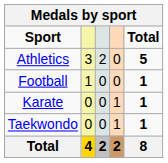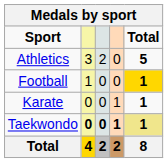 <table class="wikitable" style="font-size:85%; text-align:center;">
 <tr style="background:#efefef;">
 <th colspan=5><strong>Medals by sport</strong></th>
 </tr>
 <tr>
 <td><strong>Sport</strong></td>
 <td style="background:#f7f6a8;"></td>
 <td style="background:#dce5e5;"></td>
 <td style="background:#ffdab9;"></td>
 <td><strong>Total</strong></td>
 </tr>
 <tr>
 <td><a href='#'>Athletics</a></td>
 <td style="background:#F7F6A8;">3</td>
 <td style="background:#DCE5E5;">2</td>
 <td style="background:#FFDAB9;">0</td>
 <td><strong>5</strong></td>
 </tr>
 <tr>
 <td><a href='#'>Football</a></td>
 <td style="background:#F7F6A8;">1</td>
 <td style="background:#DCE5E5;">0</td>
 <td style="background:#FFDAB9;">0</td>
-<td><strong>1</strong></td>
+<td style="background: gold;"><strong>1</strong></td>
 </tr>
 <tr>
 <td><a href='#'>Karate</a></td>
 <td style="background:#F7F6A8;">0</td>
 <td style="background:#DCE5E5;">0</td>
 <td style="background:#FFDAB9;">1</td>
 <td><strong>1</strong></td>
 </tr>
 <tr>
 <td><a href='#'>Taekwondo</a></td>
-<td style="background:#F7F6A8;">0</td>
-<td style="background:#DCE5E5;">0</td>
-<td style="background:#FFDAB9;">1</td>
-<td><strong>1</strong></td>
+<td style="background:#F7F6A8;"><strong>0</strong></td>
+<td style="background:#DCE5E5;"><strong>0</strong></td>
+<td style="background:#FFDAB9;"><strong>1</strong></td>
+<td style="background: khaki;"><strong>1</strong></td>
 </tr>
 <tr>
 <th>Total</th>
 <th style="background:gold;"  >4</th>
 <th style="background:silver;">2</th>
 <th style="background:#c96;"  >2</th>
 <th>8</th>
 </tr>
 </table>
